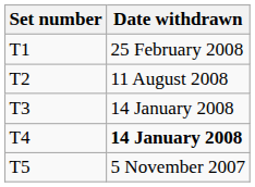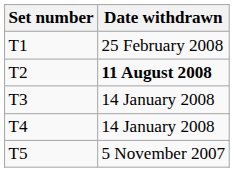 <table class="wikitable">
 <tr>
 <th>Set number</th>
 <th>Date withdrawn</th>
 </tr>
 <tr>
 <td>T1</td>
 <td>25 February 2008</td>
 </tr>
 <tr>
 <td>T2</td>
-<td>11 August 2008</td>
+<td><strong>11 August 2008</strong></td>
 </tr>
 <tr>
 <td>T3</td>
 <td>14 January 2008</td>
 </tr>
 <tr>
 <td>T4</td>
-<td><strong>14 January 2008</strong></td>
+<td>14 January 2008</td>
 </tr>
 <tr>
 <td>T5</td>
 <td>5 November 2007</td>
 </tr>
 </table>
